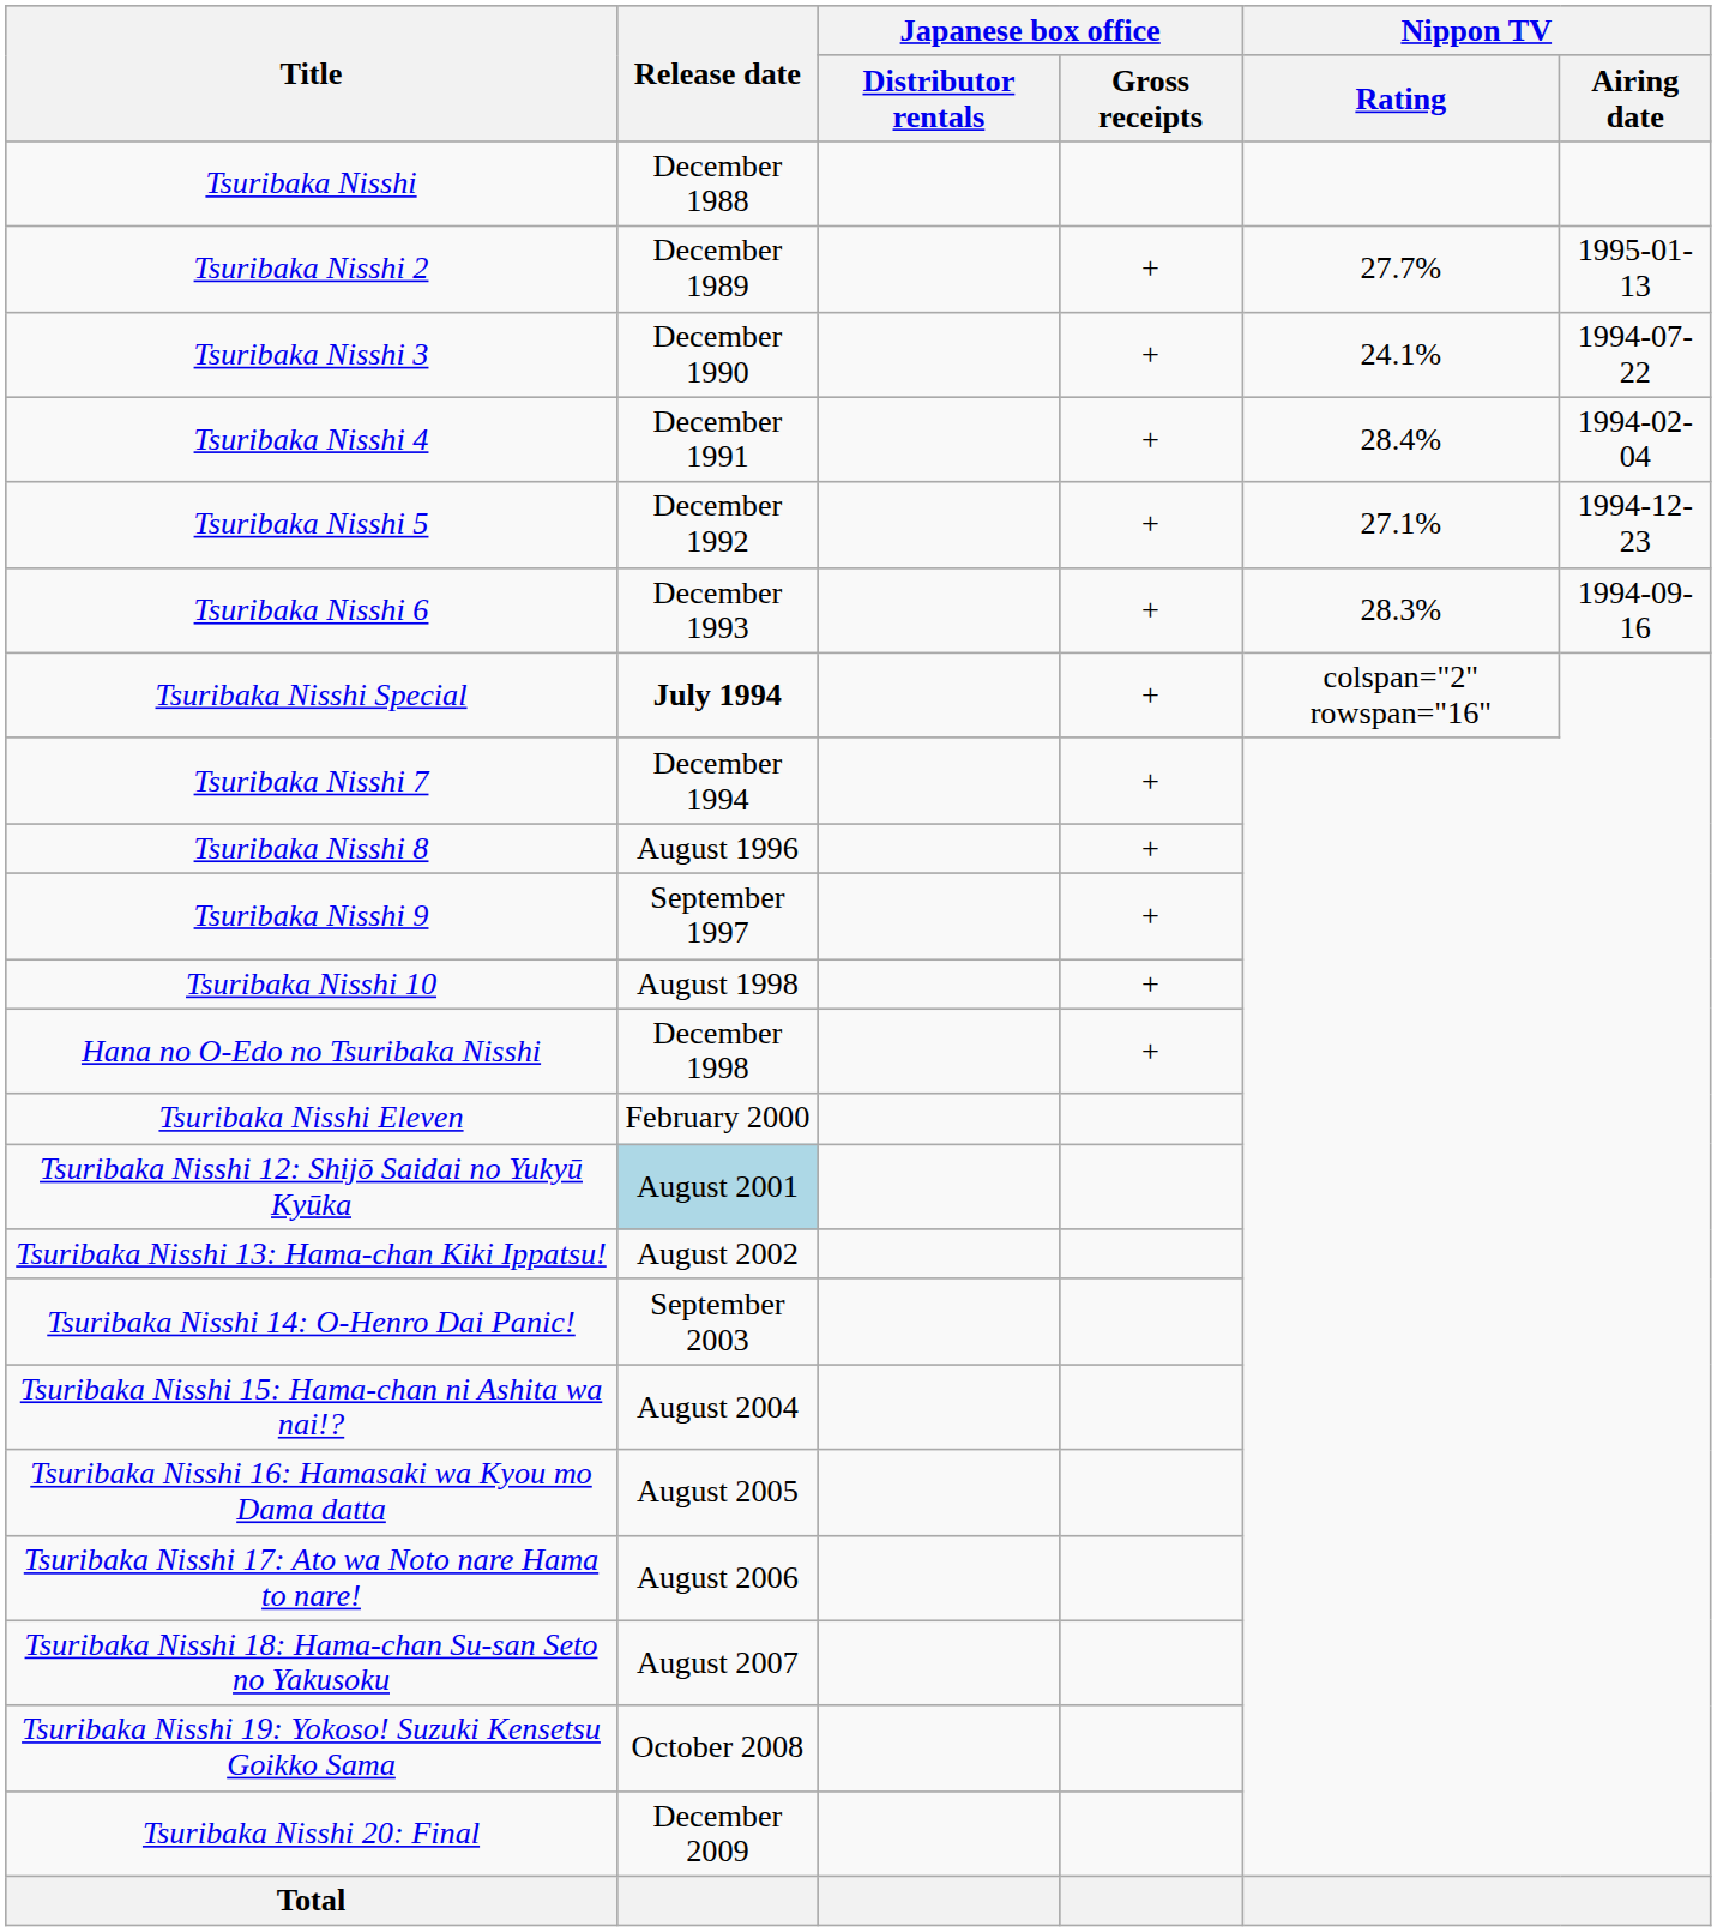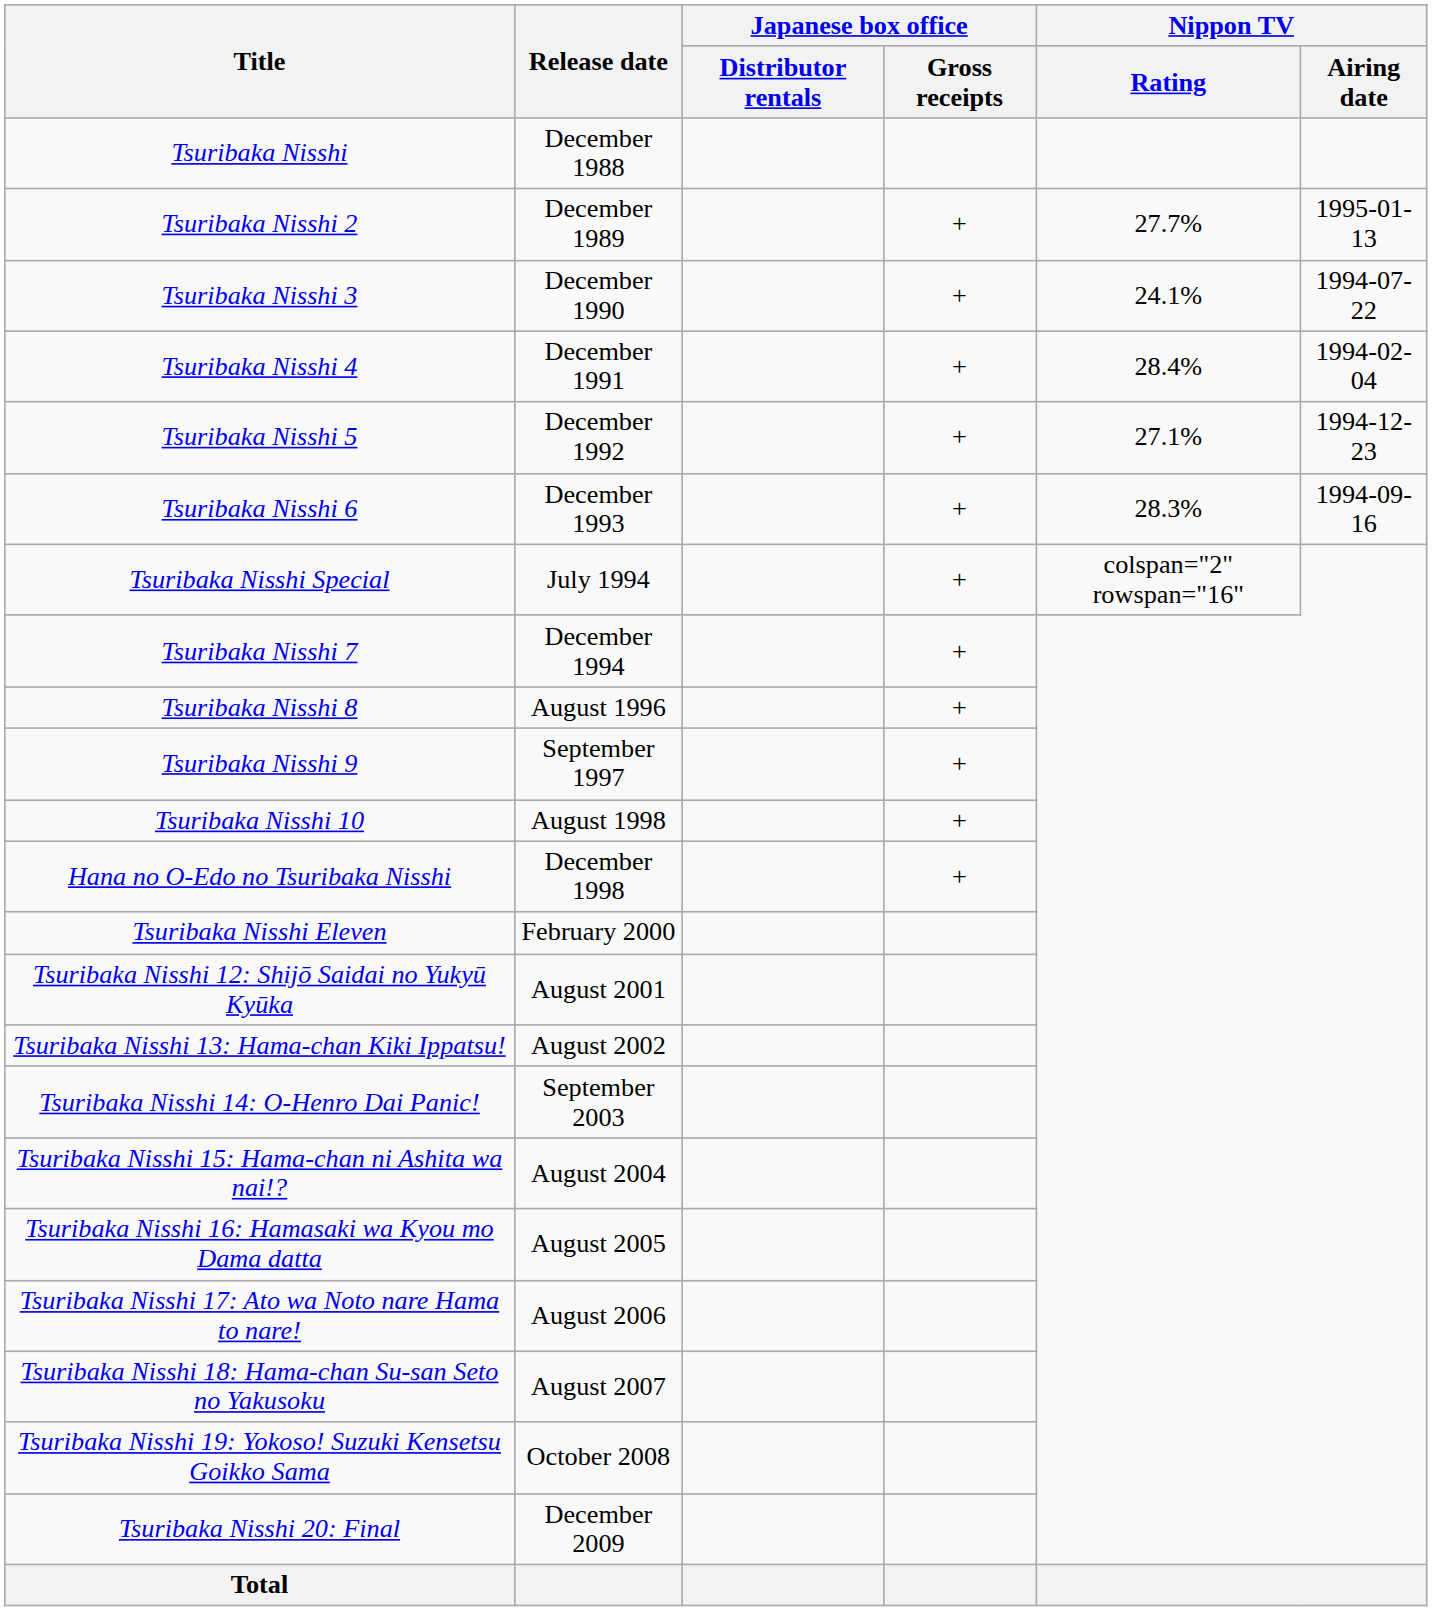 <table class="wikitable sortable" style="text-align:center">
 <tr>
 <th rowspan="2">Title</th>
 <th rowspan="2">Release date</th>
 <th colspan="2"><a href='#'>Japanese box office</a></th>
 <th colspan="2"><a href='#'>Nippon TV</a></th>
 </tr>
 <tr>
 <th><a href='#'>Distributor rentals</a></th>
 <th>Gross receipts</th>
 <th><a href='#'>Rating</a></th>
 <th>Airing date</th>
 </tr>
 <tr>
 <td><em><a href='#'>Tsuribaka Nisshi</a></em></td>
 <td>December 1988</td>
 <td></td>
 <td></td>
 <td></td>
 <td></td>
 </tr>
 <tr>
 <td><em><a href='#'>Tsuribaka Nisshi 2</a></em></td>
 <td>December 1989</td>
 <td></td>
 <td>+</td>
 <td>27.7%</td>
 <td>1995-01-13</td>
 </tr>
 <tr>
 <td><em><a href='#'>Tsuribaka Nisshi 3</a></em></td>
 <td>December 1990</td>
 <td></td>
 <td>+</td>
 <td>24.1%</td>
 <td>1994-07-22</td>
 </tr>
 <tr>
 <td><em><a href='#'>Tsuribaka Nisshi 4</a></em></td>
 <td>December 1991</td>
 <td></td>
 <td>+</td>
 <td>28.4%</td>
 <td>1994-02-04</td>
 </tr>
 <tr>
 <td><em><a href='#'>Tsuribaka Nisshi 5</a></em></td>
 <td>December 1992</td>
 <td></td>
 <td>+</td>
 <td>27.1%</td>
 <td>1994-12-23</td>
 </tr>
 <tr>
 <td><em><a href='#'>Tsuribaka Nisshi 6</a></em></td>
 <td>December 1993</td>
 <td></td>
 <td>+</td>
 <td>28.3%</td>
 <td>1994-09-16</td>
 </tr>
 <tr>
 <td><em><a href='#'>Tsuribaka Nisshi Special</a></em></td>
-<td><strong>July 1994</strong></td>
+<td>July 1994</td>
 <td></td>
 <td>+</td>
 <td>colspan="2" rowspan="16" </td>
 </tr>
 <tr>
 <td><em><a href='#'>Tsuribaka Nisshi 7</a></em></td>
 <td>December 1994</td>
 <td></td>
 <td>+</td>
 </tr>
 <tr>
 <td><em><a href='#'>Tsuribaka Nisshi 8</a></em></td>
 <td>August 1996</td>
 <td></td>
 <td>+</td>
 </tr>
 <tr>
 <td><em><a href='#'>Tsuribaka Nisshi 9</a></em></td>
 <td>September 1997</td>
 <td></td>
 <td>+</td>
 </tr>
 <tr>
 <td><em><a href='#'>Tsuribaka Nisshi 10</a></em></td>
 <td>August 1998</td>
 <td></td>
 <td>+</td>
 </tr>
 <tr>
 <td><em><a href='#'>Hana no O-Edo no Tsuribaka Nisshi</a></em></td>
 <td>December 1998</td>
 <td></td>
 <td>+</td>
 </tr>
 <tr>
 <td><em><a href='#'>Tsuribaka Nisshi Eleven</a></em></td>
 <td>February 2000</td>
 <td></td>
 <td></td>
 </tr>
 <tr>
 <td><em><a href='#'>Tsuribaka Nisshi 12: Shijō Saidai no Yukyū Kyūka</a></em></td>
-<td style="background: lightblue;">August 2001</td>
+<td>August 2001</td>
 <td></td>
 <td></td>
 </tr>
 <tr>
 <td><em><a href='#'>Tsuribaka Nisshi 13: Hama-chan Kiki Ippatsu!</a></em></td>
 <td>August 2002</td>
 <td></td>
 <td></td>
 </tr>
 <tr>
 <td><em><a href='#'>Tsuribaka Nisshi 14: O-Henro Dai Panic!</a></em></td>
 <td>September 2003</td>
 <td></td>
 <td></td>
 </tr>
 <tr>
 <td><em><a href='#'>Tsuribaka Nisshi 15: Hama-chan ni Ashita wa nai!?</a></em></td>
 <td>August 2004</td>
 <td></td>
 <td></td>
 </tr>
 <tr>
 <td><em><a href='#'>Tsuribaka Nisshi 16: Hamasaki wa Kyou mo Dama datta</a></em></td>
 <td>August 2005</td>
 <td></td>
 <td></td>
 </tr>
 <tr>
 <td><em><a href='#'>Tsuribaka Nisshi 17: Ato wa Noto nare Hama to nare!</a></em></td>
 <td>August 2006</td>
 <td></td>
 <td></td>
 </tr>
 <tr>
 <td><em><a href='#'>Tsuribaka Nisshi 18: Hama-chan Su-san Seto no Yakusoku</a></em></td>
 <td>August 2007</td>
 <td></td>
 <td></td>
 </tr>
 <tr>
 <td><em><a href='#'>Tsuribaka Nisshi 19: Yokoso! Suzuki Kensetsu Goikko Sama</a></em></td>
 <td>October 2008</td>
 <td></td>
 <td></td>
 </tr>
 <tr>
 <td><em><a href='#'>Tsuribaka Nisshi 20: Final</a></em></td>
 <td>December 2009</td>
 <td></td>
 <td></td>
 </tr>
 <tr>
 <th>Total</th>
 <th></th>
 <th></th>
 <th></th>
 <th colspan="2"></th>
 </tr>
 </table>
